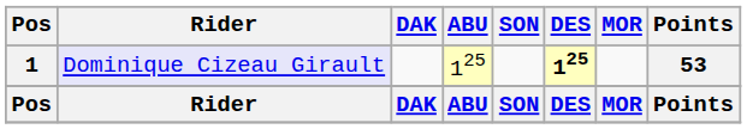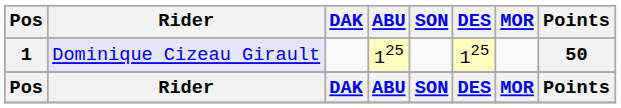 <table class="wikitable" style="font-size: 80%; text-align: center; display: inline-table;">
 <tr valign="top">
 <th valign="middle">Pos</th>
 <th valign="middle">Rider</th>
 <th><a href='#'>DAK</a><br></th>
 <th><a href='#'>ABU</a><br></th>
 <th><a href='#'>SON</a><br></th>
 <th><a href='#'>DES</a><br></th>
 <th><a href='#'>MOR</a><br></th>
 <th valign="middle">Points</th>
 </tr>
 <tr>
 <th>1</th>
 <td align=left style="background: lavender;"> <a href='#'>Dominique Cizeau Girault</a></td>
 <td></td>
 <td style="background:#ffffbf;">1<sup>25</sup></td>
 <td></td>
-<td style="background:#ffffbf;"><strong>1<sup>25</sup></strong></td>
+<td style="background:#ffffbf;">1<sup>25</sup></td>
 <td></td>
-<th>53</th>
+<th>50</th>
 </tr>
 <tr>
 </tr>
 <tr valign="top">
 <th valign="middle">Pos</th>
 <th valign="middle">Rider</th>
 <th><a href='#'>DAK</a><br></th>
 <th><a href='#'>ABU</a><br></th>
 <th><a href='#'>SON</a><br></th>
 <th><a href='#'>DES</a><br></th>
 <th><a href='#'>MOR</a><br></th>
 <th valign="middle">Points</th>
 </tr>
 <tr>
 </tr>
 </table>
